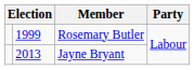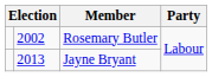 <table class="wikitable">
 <tr>
 <th colspan="2">Election</th>
 <th>Member</th>
 <th>Party</th>
 </tr>
 <tr>
 <td style="background-color: "></td>
-<td><a href='#'>1999</a></td>
+<td><a href='#'>2002</a></td>
 <td><a href='#'>Rosemary Butler</a></td>
 <td rowspan="2"><a href='#'>Labour</a></td>
 </tr>
 <tr>
 <td style="background-color: "></td>
 <td><a href='#'>2013</a></td>
 <td><a href='#'>Jayne Bryant</a></td>
 </tr>
 </table>
